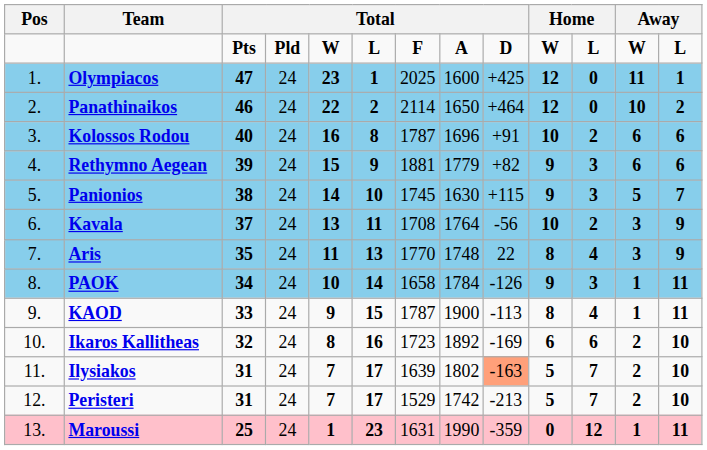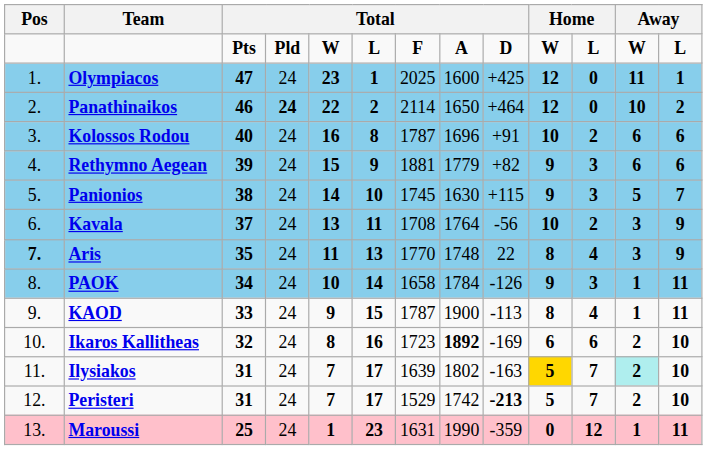 <table class="wikitable" style="text-align: center; font-size:95%">
 <tr>
 <th width="44">Pos</th>
 <th width="128">Team</th>
 <th colspan=7>Total</th>
 <th colspan=2>Home</th>
 <th colspan=2>Away</th>
 </tr>
 <tr>
 <td></td>
 <td></td>
 <td width="30"><strong>Pts</strong></td>
 <td width="30"><strong>Pld</strong></td>
 <td width="30"><strong>W</strong></td>
 <td width="30"><strong>L</strong></td>
 <td width="30"><strong>F</strong></td>
 <td width="30"><strong>A</strong></td>
 <td width="30"><strong>D</strong></td>
 <td width="30"><strong>W</strong></td>
 <td width="30"><strong>L</strong></td>
 <td width="30"><strong>W</strong></td>
 <td width="30"><strong>L</strong></td>
 </tr>
 <tr bgcolor="87ceeb">
 <td>1.</td>
 <td align="left"><strong><a href='#'>Olympiacos</a></strong></td>
 <td><strong>47</strong></td>
 <td>24</td>
 <td><strong>23</strong></td>
 <td><strong>1</strong></td>
 <td>2025</td>
 <td>1600</td>
 <td>+425</td>
 <td><strong>12</strong></td>
 <td><strong>0</strong></td>
 <td><strong>11</strong></td>
 <td><strong>1</strong></td>
 </tr>
 <tr bgcolor="87ceeb">
 <td>2.</td>
 <td align="left"><strong><a href='#'>Panathinaikos</a></strong></td>
 <td><strong>46</strong></td>
-<td>24</td>
+<td><strong>24</strong></td>
 <td><strong>22</strong></td>
 <td><strong>2</strong></td>
 <td>2114</td>
 <td>1650</td>
 <td>+464</td>
 <td><strong>12</strong></td>
 <td><strong>0</strong></td>
 <td><strong>10</strong></td>
 <td><strong>2</strong></td>
 </tr>
 <tr bgcolor="87ceeb">
 <td>3.</td>
 <td align="left"><strong><a href='#'>Kolossos Rodou</a></strong></td>
 <td><strong>40</strong></td>
 <td>24</td>
 <td><strong>16</strong></td>
 <td><strong>8</strong></td>
 <td>1787</td>
 <td>1696</td>
 <td>+91</td>
 <td><strong>10</strong></td>
 <td><strong>2</strong></td>
 <td><strong>6</strong></td>
 <td><strong>6</strong></td>
 </tr>
 <tr bgcolor="87ceeb">
 <td>4.</td>
 <td align="left"><strong><a href='#'>Rethymno Aegean</a></strong></td>
 <td><strong>39</strong></td>
 <td>24</td>
 <td><strong>15</strong></td>
 <td><strong>9</strong></td>
 <td>1881</td>
 <td>1779</td>
 <td>+82</td>
 <td><strong>9</strong></td>
 <td><strong>3</strong></td>
 <td><strong>6</strong></td>
 <td><strong>6</strong></td>
 </tr>
 <tr bgcolor="87ceeb">
 <td>5.</td>
 <td align="left"><strong><a href='#'>Panionios</a></strong></td>
 <td><strong>38</strong></td>
 <td>24</td>
 <td><strong>14</strong></td>
 <td><strong>10</strong></td>
 <td>1745</td>
 <td>1630</td>
 <td>+115</td>
 <td><strong>9</strong></td>
 <td><strong>3</strong></td>
 <td><strong>5</strong></td>
 <td><strong>7</strong></td>
 </tr>
 <tr bgcolor="87ceeb">
 <td>6.</td>
 <td align="left"><strong><a href='#'>Kavala</a></strong></td>
 <td><strong>37</strong></td>
 <td>24</td>
 <td><strong>13</strong></td>
 <td><strong>11</strong></td>
 <td>1708</td>
 <td>1764</td>
 <td>-56</td>
 <td><strong>10</strong></td>
 <td><strong>2</strong></td>
 <td><strong>3</strong></td>
 <td><strong>9</strong></td>
 </tr>
 <tr bgcolor="87ceeb">
-<td>7.</td>
+<td><strong>7.</strong></td>
 <td align="left"><strong><a href='#'>Aris</a></strong></td>
 <td><strong>35</strong></td>
 <td>24</td>
 <td><strong>11</strong></td>
 <td><strong>13</strong></td>
 <td>1770</td>
 <td>1748</td>
 <td>22</td>
 <td><strong>8</strong></td>
 <td><strong>4</strong></td>
 <td><strong>3</strong></td>
 <td><strong>9</strong></td>
 </tr>
 <tr bgcolor="87ceeb">
 <td>8.</td>
 <td align="left"><strong><a href='#'>PAOK</a></strong></td>
 <td><strong>34</strong></td>
 <td>24</td>
 <td><strong>10</strong></td>
 <td><strong>14</strong></td>
 <td>1658</td>
 <td>1784</td>
 <td>-126</td>
 <td><strong>9</strong></td>
 <td><strong>3</strong></td>
 <td><strong>1</strong></td>
 <td><strong>11</strong></td>
 </tr>
 <tr>
 <td>9.</td>
 <td align="left"><strong><a href='#'>KAOD</a></strong></td>
 <td><strong>33</strong></td>
 <td>24</td>
 <td><strong>9</strong></td>
 <td><strong>15</strong></td>
 <td>1787</td>
 <td>1900</td>
 <td>-113</td>
 <td><strong>8</strong></td>
 <td><strong>4</strong></td>
 <td><strong>1</strong></td>
 <td><strong>11</strong></td>
 </tr>
 <tr>
 <td>10.</td>
 <td align="left"><strong><a href='#'>Ikaros Kallitheas</a></strong></td>
 <td><strong>32</strong></td>
 <td>24</td>
 <td><strong>8</strong></td>
 <td><strong>16</strong></td>
 <td>1723</td>
-<td>1892</td>
+<td><strong>1892</strong></td>
 <td>-169</td>
 <td><strong>6</strong></td>
 <td><strong>6</strong></td>
 <td><strong>2</strong></td>
 <td><strong>10</strong></td>
 </tr>
 <tr>
 <td>11.</td>
 <td align="left"><strong><a href='#'>Ilysiakos</a></strong></td>
 <td><strong>31</strong></td>
 <td>24</td>
 <td><strong>7</strong></td>
 <td><strong>17</strong></td>
 <td>1639</td>
 <td>1802</td>
-<td style="background: lightsalmon;">-163</td>
-<td><strong>5</strong></td>
+<td>-163</td>
+<td style="background: gold;"><strong>5</strong></td>
 <td><strong>7</strong></td>
-<td><strong>2</strong></td>
+<td style="background: paleturquoise;"><strong>2</strong></td>
 <td><strong>10</strong></td>
 </tr>
 <tr>
 <td>12.</td>
 <td align="left"><strong><a href='#'>Peristeri</a></strong></td>
 <td><strong>31</strong></td>
 <td>24</td>
 <td><strong>7</strong></td>
 <td><strong>17</strong></td>
 <td>1529</td>
 <td>1742</td>
-<td>-213</td>
+<td><strong>-213</strong></td>
 <td><strong>5</strong></td>
 <td><strong>7</strong></td>
 <td><strong>2</strong></td>
 <td><strong>10</strong></td>
 </tr>
 <tr bgcolor="ffc0cb">
 <td>13.</td>
 <td align="left"><strong><a href='#'>Maroussi</a></strong></td>
 <td><strong>25</strong></td>
 <td>24</td>
 <td><strong>1</strong></td>
 <td><strong>23</strong></td>
 <td>1631</td>
 <td>1990</td>
 <td>-359</td>
 <td><strong>0</strong></td>
 <td><strong>12</strong></td>
 <td><strong>1</strong></td>
 <td><strong>11</strong></td>
 </tr>
 </table>
